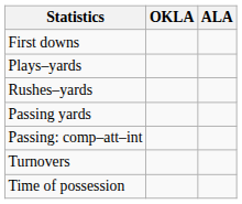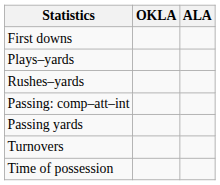 <table class="wikitable" style="float:left">
 <tr>
 <th>Statistics</th>
 <th>OKLA</th>
 <th>ALA</th>
 </tr>
 <tr>
 <td>First downs</td>
 <td></td>
 <td></td>
 </tr>
 <tr>
 <td>Plays–yards</td>
 <td></td>
 <td></td>
 </tr>
 <tr>
 <td>Rushes–yards</td>
 <td></td>
 <td></td>
 </tr>
 <tr>
-<td>Passing yards</td>
+<td>Passing: comp–att–int</td>
 <td></td>
 <td></td>
 </tr>
 <tr>
-<td>Passing: comp–att–int</td>
+<td>Passing yards</td>
 <td></td>
 <td></td>
 </tr>
 <tr>
 <td>Turnovers</td>
 <td></td>
 <td></td>
 </tr>
 <tr>
 <td>Time of possession</td>
 <td></td>
 <td></td>
 </tr>
 </table>
